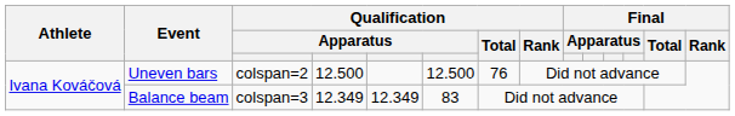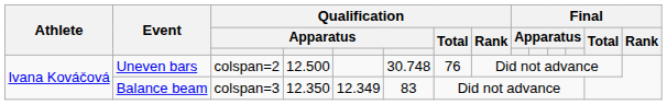 <table class="wikitable" style="font-size:90%">
 <tr>
 <th rowspan="3">Athlete</th>
 <th rowspan="3">Event</th>
 <th colspan=6>Qualification</th>
 <th colspan=6>Final</th>
 </tr>
 <tr style="font-size:95%">
 <th colspan=4>Apparatus</th>
 <th rowspan=2>Total</th>
 <th rowspan=2>Rank</th>
 <th colspan=4>Apparatus</th>
 <th rowspan=2>Total</th>
 <th rowspan=2>Rank</th>
 </tr>
 <tr style="font-size:95%">
 <th></th>
 <th></th>
 <th></th>
 <th></th>
 <th></th>
 <th></th>
 <th></th>
 <th></th>
 </tr>
 <tr align=center>
 <td align=left rowspan=2><a href='#'>Ivana Kováčová</a></td>
 <td align=left><a href='#'>Uneven bars</a></td>
 <td>colspan=2 </td>
 <td>12.500</td>
 <td></td>
-<td>12.500</td>
+<td>30.748</td>
 <td>76</td>
 <td colspan=6>Did not advance</td>
 </tr>
 <tr align=center>
 <td align=left><a href='#'>Balance beam</a></td>
 <td>colspan=3 </td>
-<td>12.349</td>
+<td>12.350</td>
 <td>12.349</td>
 <td>83</td>
 <td colspan=6>Did not advance</td>
 </tr>
 </table>
